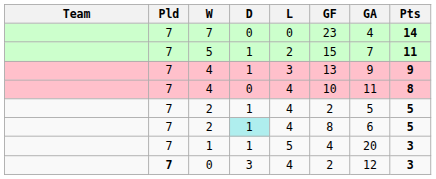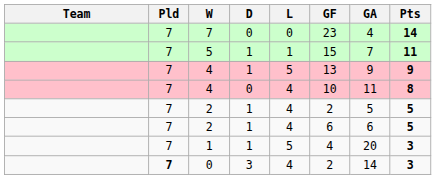 <table class="wikitable" style="text-align:center">
 <tr>
 <th style="width:12em">Team</th>
 <th style="width:3em">Pld</th>
 <th style="width:3em">W</th>
 <th style="width:3em">D</th>
 <th style="width:3em">L</th>
 <th style="width:3em">GF</th>
 <th style="width:3em">GA</th>
 <th style="width:3em">Pts</th>
 </tr>
 <tr style="background:#ccffcc;">
 <td align=left></td>
 <td>7</td>
 <td>7</td>
 <td>0</td>
 <td>0</td>
 <td>23</td>
 <td>4</td>
 <td><strong>14</strong></td>
 </tr>
 <tr style="background:#ccffcc;">
 <td align=left></td>
 <td>7</td>
 <td>5</td>
 <td>1</td>
-<td>2</td>
+<td>1</td>
 <td>15</td>
 <td>7</td>
 <td><strong>11</strong></td>
 </tr>
 <tr style="background:pink;">
 <td align=left></td>
 <td>7</td>
 <td>4</td>
 <td>1</td>
-<td>3</td>
+<td>5</td>
 <td>13</td>
 <td>9</td>
 <td><strong>9</strong></td>
 </tr>
 <tr style="background:pink;">
 <td align=left></td>
 <td>7</td>
 <td>4</td>
 <td>0</td>
 <td>4</td>
 <td>10</td>
 <td>11</td>
 <td><strong>8</strong></td>
 </tr>
 <tr>
 <td align=left></td>
 <td>7</td>
 <td>2</td>
 <td>1</td>
 <td>4</td>
 <td>2</td>
 <td>5</td>
 <td><strong>5</strong></td>
 </tr>
 <tr>
 <td align=left></td>
 <td>7</td>
 <td>2</td>
-<td style="background: paleturquoise;">1</td>
+<td>1</td>
 <td>4</td>
-<td>8</td>
+<td>6</td>
 <td>6</td>
 <td><strong>5</strong></td>
 </tr>
 <tr>
 <td align=left></td>
 <td>7</td>
 <td>1</td>
 <td>1</td>
 <td>5</td>
 <td>4</td>
 <td>20</td>
 <td><strong>3</strong></td>
 </tr>
 <tr>
 <td align=left></td>
 <td><strong>7</strong></td>
 <td>0</td>
 <td>3</td>
 <td>4</td>
 <td>2</td>
-<td>12</td>
+<td>14</td>
 <td><strong>3</strong></td>
 </tr>
 </table>
